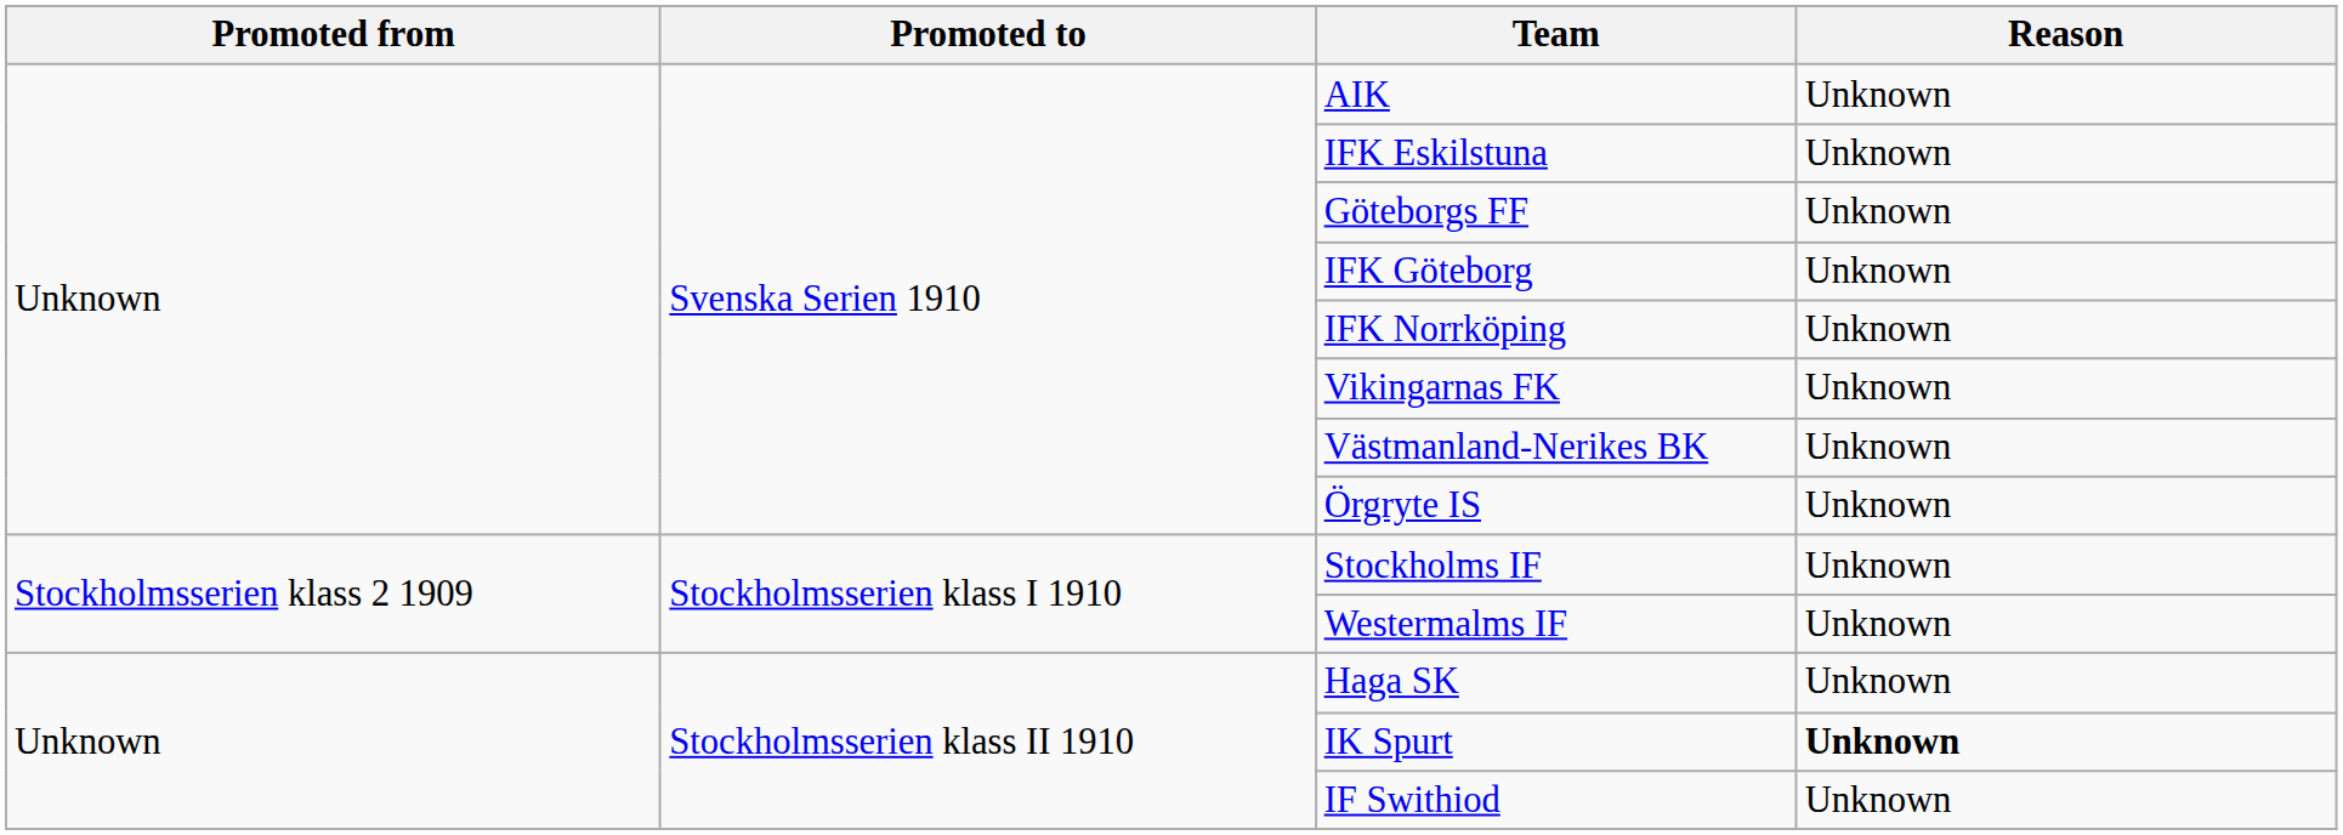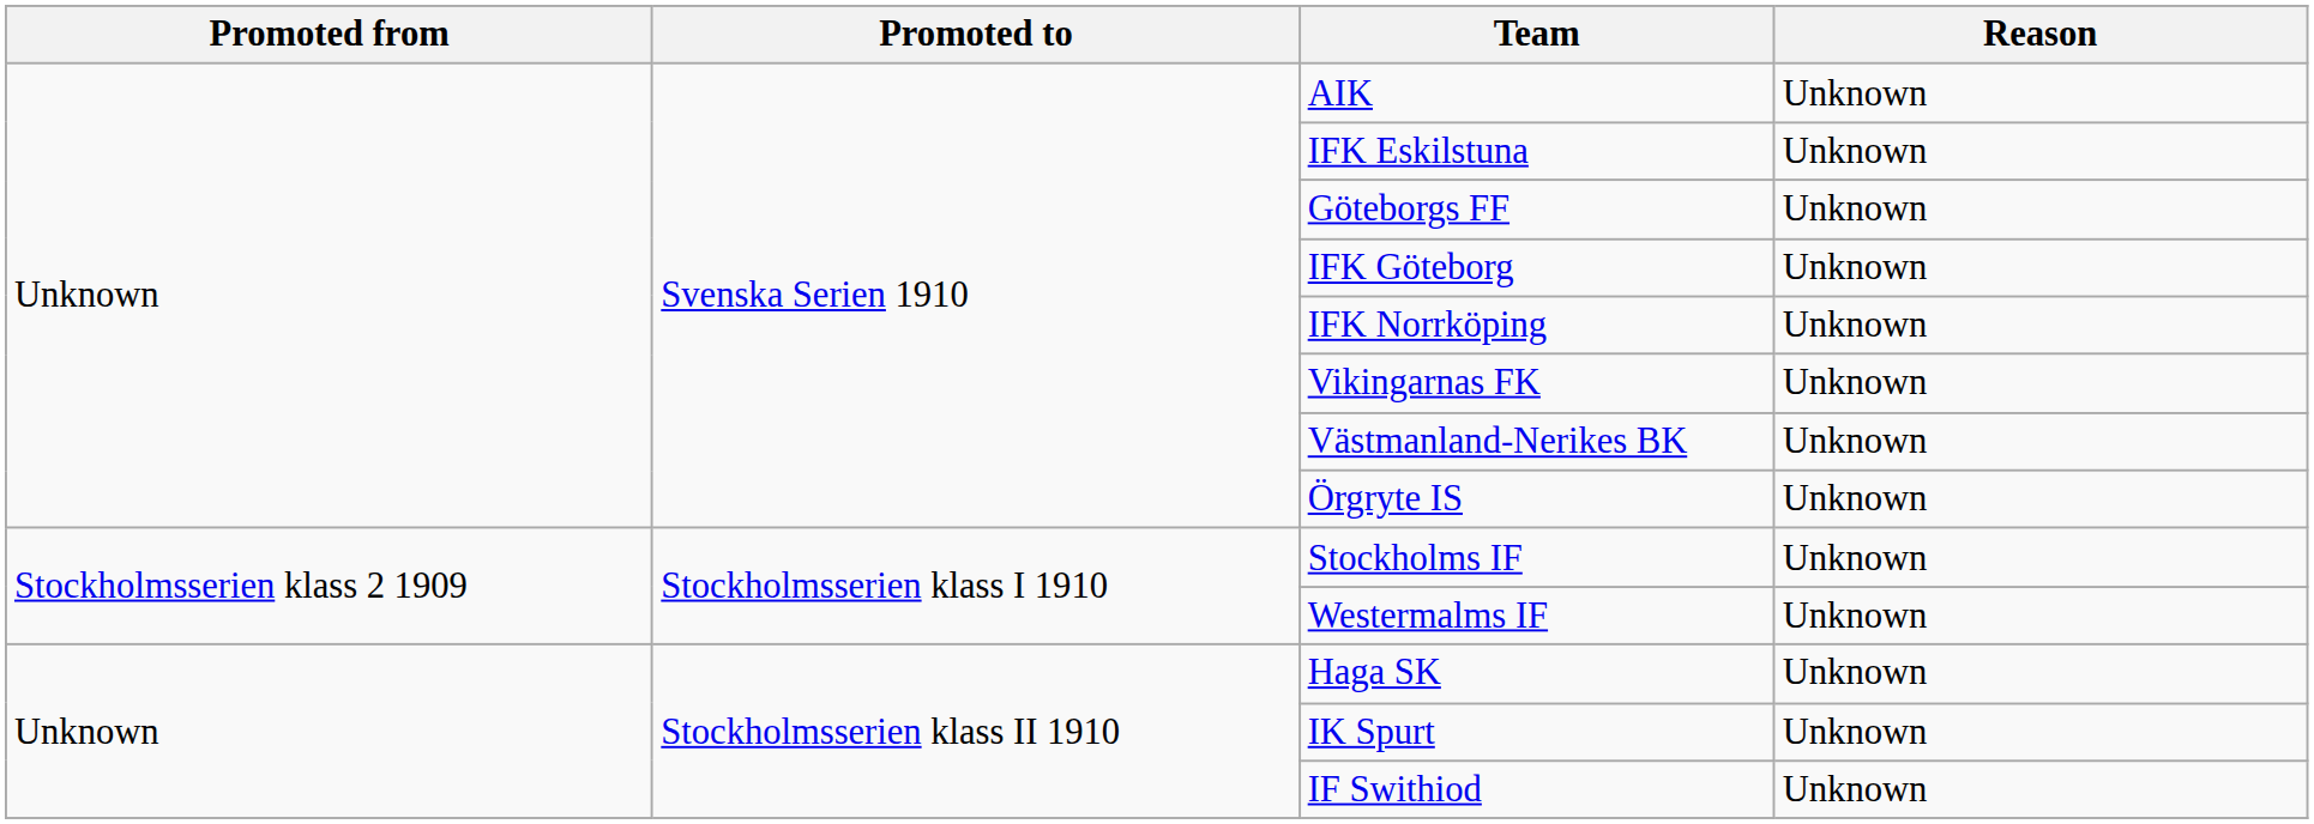 <table class="wikitable" style="text-align: left;">
 <tr>
 <th style="width: 275px;">Promoted from</th>
 <th style="width: 275px;">Promoted to</th>
 <th style="width: 200px;">Team</th>
 <th style="width: 225px;">Reason</th>
 </tr>
 <tr>
 <td rowspan=8>Unknown</td>
 <td rowspan=8><a href='#'>Svenska Serien</a> 1910</td>
 <td><a href='#'>AIK</a></td>
 <td>Unknown</td>
 </tr>
 <tr>
 <td><a href='#'>IFK Eskilstuna</a></td>
 <td>Unknown</td>
 </tr>
 <tr>
 <td><a href='#'>Göteborgs FF</a></td>
 <td>Unknown</td>
 </tr>
 <tr>
 <td><a href='#'>IFK Göteborg</a></td>
 <td>Unknown</td>
 </tr>
 <tr>
 <td><a href='#'>IFK Norrköping</a></td>
 <td>Unknown</td>
 </tr>
 <tr>
 <td><a href='#'>Vikingarnas FK</a></td>
 <td>Unknown</td>
 </tr>
 <tr>
 <td><a href='#'>Västmanland-Nerikes BK</a></td>
 <td>Unknown</td>
 </tr>
 <tr>
 <td><a href='#'>Örgryte IS</a></td>
 <td>Unknown</td>
 </tr>
 <tr>
 <td rowspan=2><a href='#'>Stockholmsserien</a> klass 2 1909</td>
 <td rowspan=2><a href='#'>Stockholmsserien</a> klass I 1910</td>
 <td><a href='#'>Stockholms IF</a></td>
 <td>Unknown</td>
 </tr>
 <tr>
 <td><a href='#'>Westermalms IF</a></td>
 <td>Unknown</td>
 </tr>
 <tr>
 <td rowspan=3>Unknown</td>
 <td rowspan=3><a href='#'>Stockholmsserien</a> klass II 1910</td>
 <td><a href='#'>Haga SK</a></td>
 <td>Unknown</td>
 </tr>
 <tr>
 <td><a href='#'>IK Spurt</a></td>
-<td><strong>Unknown</strong></td>
+<td>Unknown</td>
 </tr>
 <tr>
 <td><a href='#'>IF Swithiod</a></td>
 <td>Unknown</td>
 </tr>
 </table>
